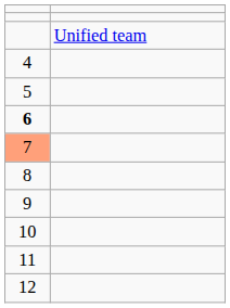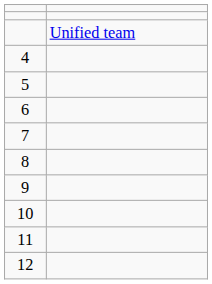 <table class="wikitable" width="200px">
 <tr>
 <td align=center></td>
 <td></td>
 </tr>
 <tr>
 <td align=center></td>
 <td></td>
 </tr>
 <tr>
 <td align=center></td>
 <td> <a href='#'>Unified team</a></td>
 </tr>
 <tr>
 <td align=center>4</td>
 <td></td>
 </tr>
 <tr>
 <td align=center>5</td>
 <td></td>
 </tr>
 <tr>
-<td align=center><strong>6</strong></td>
+<td align=center>6</td>
 <td></td>
 </tr>
 <tr>
-<td align=center style="background: lightsalmon;">7</td>
+<td align=center>7</td>
 <td></td>
 </tr>
 <tr>
 <td align=center>8</td>
 <td></td>
 </tr>
 <tr>
 <td align=center>9</td>
 <td></td>
 </tr>
 <tr>
 <td align=center>10</td>
 <td></td>
 </tr>
 <tr>
 <td align=center>11</td>
 <td></td>
 </tr>
 <tr>
 <td align=center>12</td>
 <td></td>
 </tr>
 </table>
